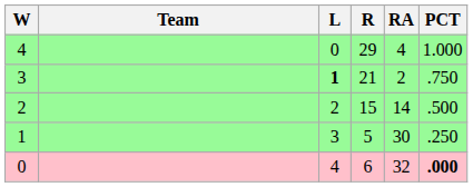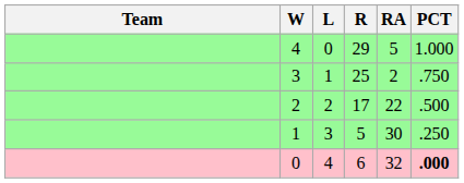 <table class=wikitable style="text-align:center;font-size:90%">
 <tr>
+<th width=220>Team</th>
 <th width=20>W</th>
-<th width=220>Team</th>
 <th width=20>L</th>
 <th width=20>R</th>
 <th width=20>RA</th>
 <th width=20>PCT</th>
 </tr>
 <tr bgcolor=#98fb98>
+<td align=left></td>
 <td>4</td>
-<td align=left></td>
 <td>0</td>
 <td>29</td>
-<td>4</td>
+<td>5</td>
 <td>1.000</td>
 </tr>
 <tr bgcolor=#98fb98>
+<td align=left></td>
 <td>3</td>
-<td align=left></td>
-<td><strong>1</strong></td>
-<td>21</td>
+<td>1</td>
+<td>25</td>
 <td>2</td>
 <td>.750</td>
 </tr>
 <tr bgcolor=#98fb98>
-<td>2</td>
 <td align=left></td>
 <td>2</td>
-<td>15</td>
-<td>14</td>
+<td>2</td>
+<td>17</td>
+<td>22</td>
 <td>.500</td>
 </tr>
 <tr bgcolor=#98fb98>
+<td align=left></td>
 <td>1</td>
-<td align=left></td>
 <td>3</td>
 <td>5</td>
 <td>30</td>
 <td>.250</td>
 </tr>
 <tr bgcolor=pink>
+<td align=left></td>
 <td>0</td>
-<td align=left></td>
 <td>4</td>
 <td>6</td>
 <td>32</td>
 <td><strong>.000</strong></td>
 </tr>
 </table>
